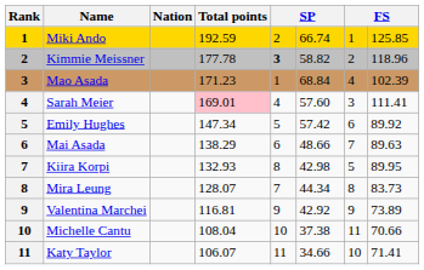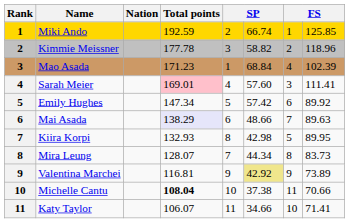 <table class="wikitable">
 <tr>
 <th>Rank</th>
 <th>Name</th>
 <th>Nation</th>
 <th>Total points</th>
 <th colspan="2" width="80px"><a href='#'>SP</a></th>
 <th colspan="2" width="80px"><a href='#'>FS</a></th>
 </tr>
 <tr bgcolor="gold">
 <td align="center"><strong>1</strong></td>
 <td><a href='#'>Miki Ando</a></td>
 <td></td>
 <td>192.59</td>
 <td>2</td>
 <td>66.74</td>
 <td>1</td>
 <td>125.85</td>
 </tr>
 <tr bgcolor="silver">
 <td align="center"><strong>2</strong></td>
 <td><a href='#'>Kimmie Meissner</a></td>
 <td></td>
 <td>177.78</td>
-<td><strong>3</strong></td>
+<td>3</td>
 <td>58.82</td>
 <td>2</td>
 <td>118.96</td>
 </tr>
 <tr bgcolor="cc9966">
 <td align="center"><strong>3</strong></td>
 <td><a href='#'>Mao Asada</a></td>
 <td></td>
 <td>171.23</td>
 <td>1</td>
 <td>68.84</td>
 <td>4</td>
 <td>102.39</td>
 </tr>
 <tr>
 <th>4</th>
 <td><a href='#'>Sarah Meier</a></td>
 <td></td>
 <td style="background: pink;">169.01</td>
 <td>4</td>
 <td>57.60</td>
 <td>3</td>
 <td>111.41</td>
 </tr>
 <tr>
 <th>5</th>
 <td><a href='#'>Emily Hughes</a></td>
 <td></td>
 <td>147.34</td>
 <td>5</td>
 <td>57.42</td>
 <td>6</td>
 <td>89.92</td>
 </tr>
 <tr>
 <th>6</th>
 <td><a href='#'>Mai Asada</a></td>
 <td></td>
-<td>138.29</td>
+<td style="background: lavender;">138.29</td>
 <td>6</td>
 <td>48.66</td>
 <td>7</td>
 <td>89.63</td>
 </tr>
 <tr>
 <th>7</th>
 <td><a href='#'>Kiira Korpi</a></td>
 <td></td>
 <td>132.93</td>
 <td>8</td>
 <td>42.98</td>
 <td>5</td>
 <td>89.95</td>
 </tr>
 <tr>
 <th>8</th>
 <td><a href='#'>Mira Leung</a></td>
 <td></td>
 <td>128.07</td>
 <td>7</td>
 <td>44.34</td>
 <td>8</td>
 <td>83.73</td>
 </tr>
 <tr>
 <th>9</th>
 <td><a href='#'>Valentina Marchei</a></td>
 <td></td>
 <td>116.81</td>
 <td>9</td>
-<td>42.92</td>
+<td style="background: khaki;">42.92</td>
 <td>9</td>
 <td>73.89</td>
 </tr>
 <tr>
 <th>10</th>
 <td><a href='#'>Michelle Cantu</a></td>
 <td></td>
-<td>108.04</td>
+<td><strong>108.04</strong></td>
 <td>10</td>
 <td>37.38</td>
 <td>11</td>
 <td>70.66</td>
 </tr>
 <tr>
 <th>11</th>
 <td><a href='#'>Katy Taylor</a></td>
 <td></td>
 <td>106.07</td>
 <td>11</td>
 <td>34.66</td>
 <td>10</td>
 <td>71.41</td>
 </tr>
 </table>
